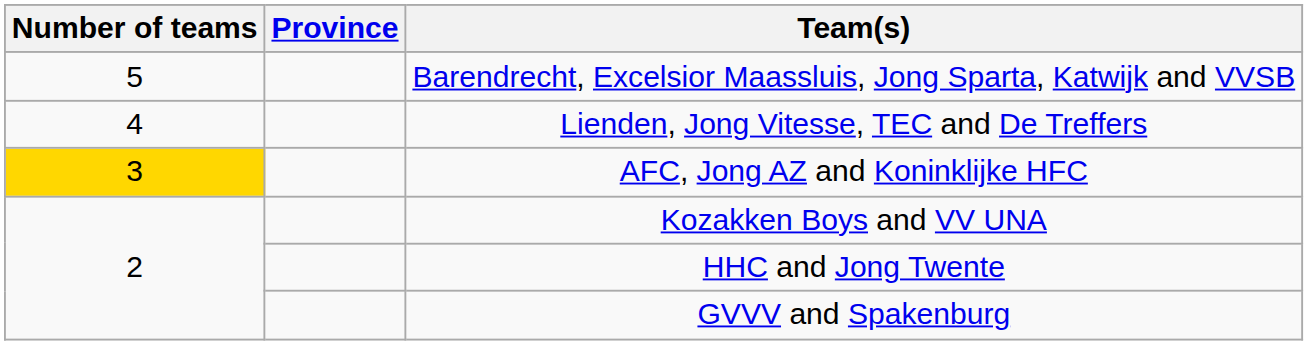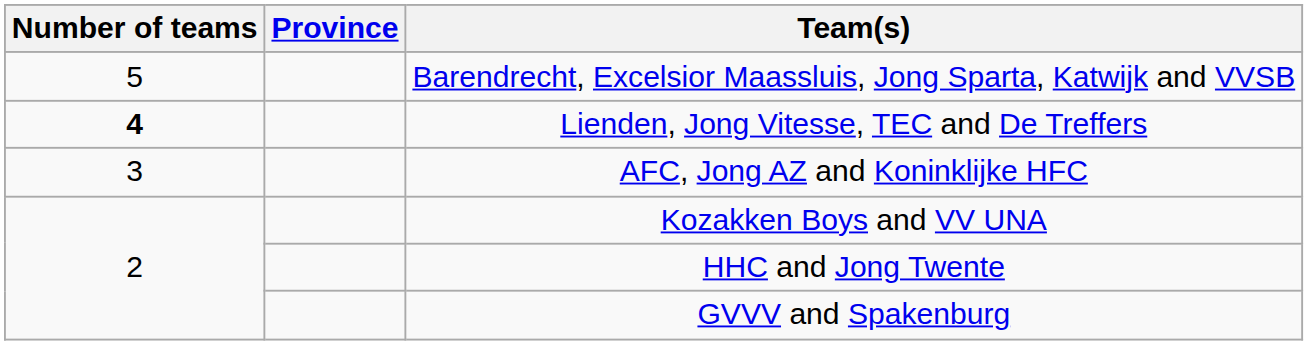 <table class="wikitable" style="text-align:center">
 <tr>
 <th>Number of teams</th>
 <th><a href='#'>Province</a></th>
 <th>Team(s)</th>
 </tr>
 <tr>
 <td>5</td>
 <td align="left"></td>
 <td><a href='#'>Barendrecht</a>, <a href='#'>Excelsior Maassluis</a>, <a href='#'>Jong Sparta</a>, <a href='#'>Katwijk</a> and <a href='#'>VVSB</a></td>
 </tr>
 <tr>
-<td>4</td>
+<td><strong>4</strong></td>
 <td align="left"></td>
 <td><a href='#'>Lienden</a>, <a href='#'>Jong Vitesse</a>, <a href='#'>TEC</a> and <a href='#'>De Treffers</a></td>
 </tr>
 <tr>
-<td style="background: gold;">3</td>
+<td>3</td>
 <td align="left"></td>
 <td><a href='#'>AFC</a>, <a href='#'>Jong AZ</a> and <a href='#'>Koninklijke HFC</a></td>
 </tr>
 <tr>
 <td rowspan="3">2</td>
 <td align="left"></td>
 <td><a href='#'>Kozakken Boys</a> and <a href='#'>VV UNA</a></td>
 </tr>
 <tr>
 <td align="left"></td>
 <td><a href='#'>HHC</a> and <a href='#'>Jong Twente</a></td>
 </tr>
 <tr>
 <td align="left"></td>
 <td><a href='#'>GVVV</a> and <a href='#'>Spakenburg</a></td>
 </tr>
 </table>
